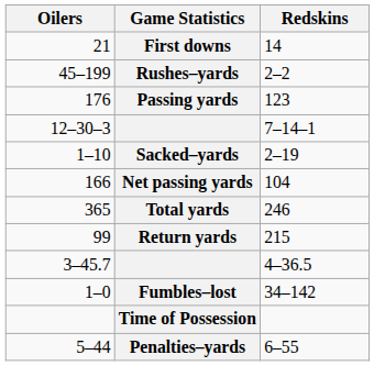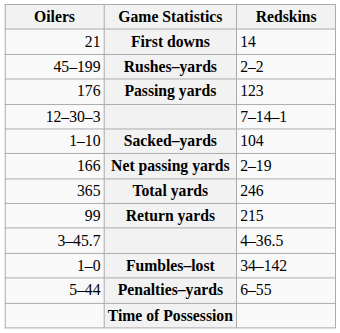 <table class="wikitable" style="margin: 1em auto 1em auto">
 <tr>
 <th style="width:30%;">Oilers</th>
 <th style="width:40%;">Game Statistics</th>
 <th style="width:30%;">Redskins</th>
 </tr>
 <tr>
 <td style="text-align:right;">21</td>
 <th>First downs</th>
 <td>14</td>
 </tr>
 <tr>
 <td style="text-align:right;">45–199</td>
 <th>Rushes–yards</th>
 <td>2–2</td>
 </tr>
 <tr>
 <td style="text-align:right;">176</td>
 <th>Passing yards</th>
 <td>123</td>
 </tr>
 <tr>
 <td style="text-align:right;">12–30–3</td>
 <th></th>
 <td>7–14–1</td>
 </tr>
 <tr>
 <td style="text-align:right;">1–10</td>
 <th>Sacked–yards</th>
-<td>2–19</td>
+<td>104</td>
 </tr>
 <tr>
 <td style="text-align:right;">166</td>
 <th>Net passing yards</th>
-<td>104</td>
+<td>2–19</td>
 </tr>
 <tr>
 <td style="text-align:right;">365</td>
 <th>Total yards</th>
 <td>246</td>
 </tr>
 <tr>
 <td style="text-align:right;">99</td>
 <th>Return yards</th>
 <td>215</td>
 </tr>
 <tr>
 <td style="text-align:right;">3–45.7</td>
 <th></th>
 <td>4–36.5</td>
 </tr>
 <tr>
 <td style="text-align:right;">1–0</td>
 <th>Fumbles–lost</th>
 <td>34–142</td>
 </tr>
 <tr>
+<td style="text-align:right;">5–44</td>
+<th>Penalties–yards</th>
+<td>6–55</td>
+</tr>
+<tr>
 <td style="text-align:right;"></td>
 <th>Time of Possession</th>
 <td></td>
 </tr>
-<tr>
-<td style="text-align:right;">5–44</td>
-<th>Penalties–yards</th>
-<td>6–55</td>
-</tr>
 </table>
